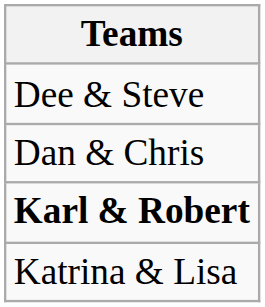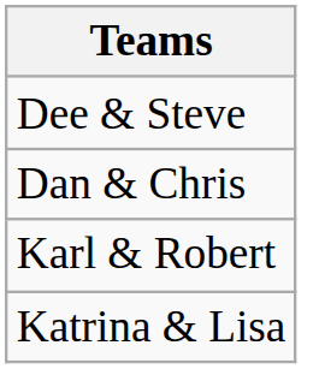 <table class="wikitable">
 <tr>
 <th>Teams</th>
 </tr>
 <tr>
 <td>Dee & Steve</td>
 </tr>
 <tr>
 <td>Dan & Chris</td>
 </tr>
 <tr>
-<td><strong>Karl & Robert</strong></td>
+<td>Karl & Robert</td>
 </tr>
 <tr>
 <td>Katrina & Lisa</td>
 </tr>
 </table>
